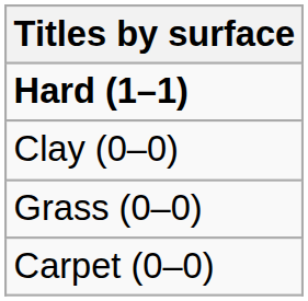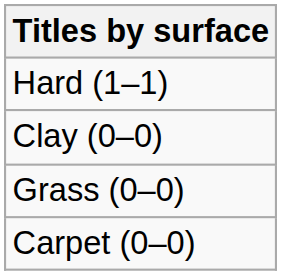 <table class=wikitable style=font-size:97%>
 <tr>
 <th>Titles by surface</th>
 </tr>
 <tr>
-<td><strong>Hard (1–1)</strong></td>
+<td>Hard (1–1)</td>
 </tr>
 <tr>
 <td>Clay (0–0)</td>
 </tr>
 <tr>
 <td>Grass (0–0)</td>
 </tr>
 <tr>
 <td>Carpet (0–0)</td>
 </tr>
 </table>
